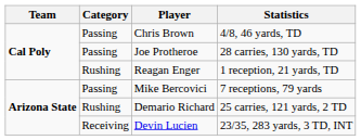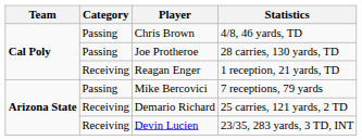 <table class="wikitable" style="float: right;">
 <tr>
 <th>Team</th>
 <th>Category</th>
 <th>Player</th>
 <th>Statistics</th>
 </tr>
 <tr>
 <td rowspan=3><strong>Cal Poly</strong></td>
 <td>Passing</td>
 <td>Chris Brown</td>
 <td>4/8, 46 yards, TD</td>
 </tr>
 <tr>
 <td>Passing</td>
 <td>Joe Protheroe</td>
 <td>28 carries, 130 yards, TD</td>
 </tr>
 <tr>
-<td>Rushing</td>
+<td>Receiving</td>
 <td>Reagan Enger</td>
 <td>1 reception, 21 yards, TD</td>
 </tr>
 <tr>
 <td rowspan=3><strong>Arizona State</strong></td>
 <td>Passing</td>
 <td>Mike Bercovici</td>
 <td>7 receptions, 79 yards</td>
 </tr>
 <tr>
-<td>Rushing</td>
+<td>Receiving</td>
 <td>Demario Richard</td>
 <td>25 carries, 121 yards, 2 TD</td>
 </tr>
 <tr>
 <td>Receiving</td>
 <td><a href='#'>Devin Lucien</a></td>
 <td>23/35, 283 yards, 3 TD, INT</td>
 </tr>
 </table>
